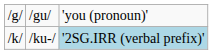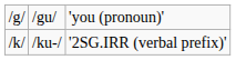 <table class="wikitable">
 <tr>
 <td>/g/</td>
 <td>/gu/</td>
 <td>'you (pronoun)'</td>
 </tr>
 <tr>
 <td>/k/</td>
 <td>/ku-/</td>
-<td style="background: lightblue;">'2SG.IRR (verbal prefix)'</td>
+<td>'2SG.IRR (verbal prefix)'</td>
 </tr>
 </table>
